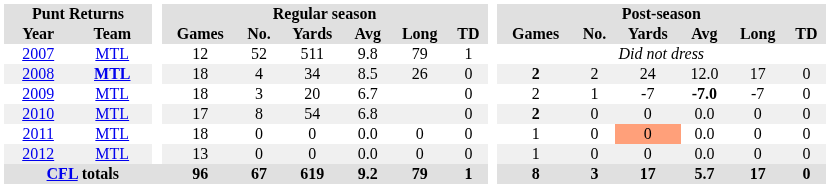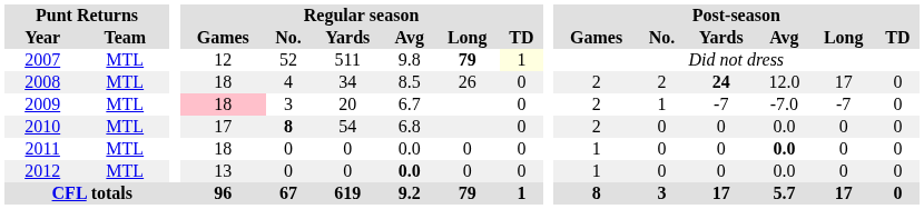 <table BORDER="0" CELLPADDING="1" CELLSPACING="0" width="65%" style="text-align:center">
 <tr bgcolor="#e0e0e0">
 <th colspan="2">Punt Returns</th>
 <th rowspan="99" bgcolor="#ffffff"> </th>
 <th colspan="6">Regular season</th>
 <th rowspan="99" bgcolor="#ffffff"> </th>
 <th colspan="6">Post-season</th>
 </tr>
 <tr bgcolor="#e0e0e0">
 <th>Year</th>
 <th>Team</th>
 <th>Games</th>
 <th>No.</th>
 <th>Yards</th>
 <th>Avg</th>
 <th>Long</th>
 <th>TD</th>
 <th>Games</th>
 <th>No.</th>
 <th>Yards</th>
 <th>Avg</th>
 <th>Long</th>
 <th>TD</th>
 </tr>
 <tr ALIGN="center">
 <td><a href='#'>2007</a></td>
 <td><a href='#'>MTL</a></td>
 <td>12</td>
 <td>52</td>
 <td>511</td>
 <td>9.8</td>
-<td>79</td>
-<td>1</td>
+<td><strong>79</strong></td>
+<td style="background: lightyellow;">1</td>
 <td colspan="6"><em>Did not dress</em></td>
 </tr>
 <tr ALIGN="center" bgcolor="#f0f0f0">
 <td><a href='#'>2008</a></td>
-<td><strong><a href='#'>MTL</a></strong></td>
+<td><a href='#'>MTL</a></td>
 <td>18</td>
 <td>4</td>
 <td>34</td>
 <td>8.5</td>
 <td>26</td>
 <td>0</td>
-<td><strong>2</strong></td>
 <td>2</td>
-<td>24</td>
+<td>2</td>
+<td><strong>24</strong></td>
 <td>12.0</td>
 <td>17</td>
 <td>0</td>
 </tr>
 <tr ALIGN="center">
 <td><a href='#'>2009</a></td>
 <td><a href='#'>MTL</a></td>
-<td>18</td>
+<td style="background: pink;">18</td>
 <td>3</td>
 <td>20</td>
 <td>6.7</td>
 <td></td>
 <td>0</td>
 <td>2</td>
 <td>1</td>
 <td>-7</td>
-<td><strong>-7.0</strong></td>
+<td>-7.0</td>
 <td>-7</td>
 <td>0</td>
 </tr>
 <tr ALIGN="center" bgcolor="#f0f0f0">
 <td><a href='#'>2010</a></td>
 <td><a href='#'>MTL</a></td>
 <td>17</td>
-<td>8</td>
+<td><strong>8</strong></td>
 <td>54</td>
 <td>6.8</td>
 <td></td>
 <td>0</td>
-<td><strong>2</strong></td>
+<td>2</td>
 <td>0</td>
 <td>0</td>
 <td>0.0</td>
 <td>0</td>
 <td>0</td>
 </tr>
 <tr ALIGN="center">
 <td><a href='#'>2011</a></td>
 <td><a href='#'>MTL</a></td>
 <td>18</td>
 <td>0</td>
 <td>0</td>
 <td>0.0</td>
 <td>0</td>
 <td>0</td>
 <td>1</td>
 <td>0</td>
-<td style="background: lightsalmon;">0</td>
-<td>0.0</td>
+<td>0</td>
+<td><strong>0.0</strong></td>
 <td>0</td>
 <td>0</td>
 </tr>
 <tr ALIGN="center" bgcolor="#f0f0f0">
 <td><a href='#'>2012</a></td>
 <td><a href='#'>MTL</a></td>
 <td>13</td>
 <td>0</td>
 <td>0</td>
-<td>0.0</td>
+<td><strong>0.0</strong></td>
 <td>0</td>
 <td>0</td>
 <td>1</td>
 <td>0</td>
 <td>0</td>
 <td>0.0</td>
 <td>0</td>
 <td>0</td>
 </tr>
 <tr bgcolor="#e0e0e0">
 <th colspan="3"><a href='#'>CFL</a> totals</th>
 <th>96</th>
 <th>67</th>
 <th>619</th>
 <th>9.2</th>
 <th>79</th>
 <th>1</th>
 <th>8</th>
 <th>3</th>
 <th>17</th>
 <th>5.7</th>
 <th>17</th>
 <th>0</th>
 </tr>
 </table>
